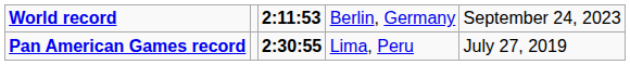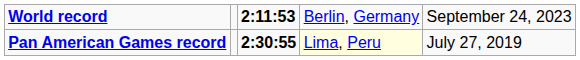 <table class="wikitable">
 <tr>
 <td><strong><a href='#'>World record</a></strong></td>
 <td></td>
 <td><strong>2:11:53</strong></td>
 <td><a href='#'>Berlin</a>, <a href='#'>Germany</a></td>
 <td>September 24, 2023</td>
 </tr>
 <tr>
 <td><strong><a href='#'>Pan American Games record</a></strong></td>
 <td></td>
 <td><strong>2:30:55</strong></td>
-<td><a href='#'>Lima</a>, <a href='#'>Peru</a></td>
+<td style="background: lightyellow;"><a href='#'>Lima</a>, <a href='#'>Peru</a></td>
 <td>July 27, 2019</td>
 </tr>
 <tr>
 </tr>
 </table>
